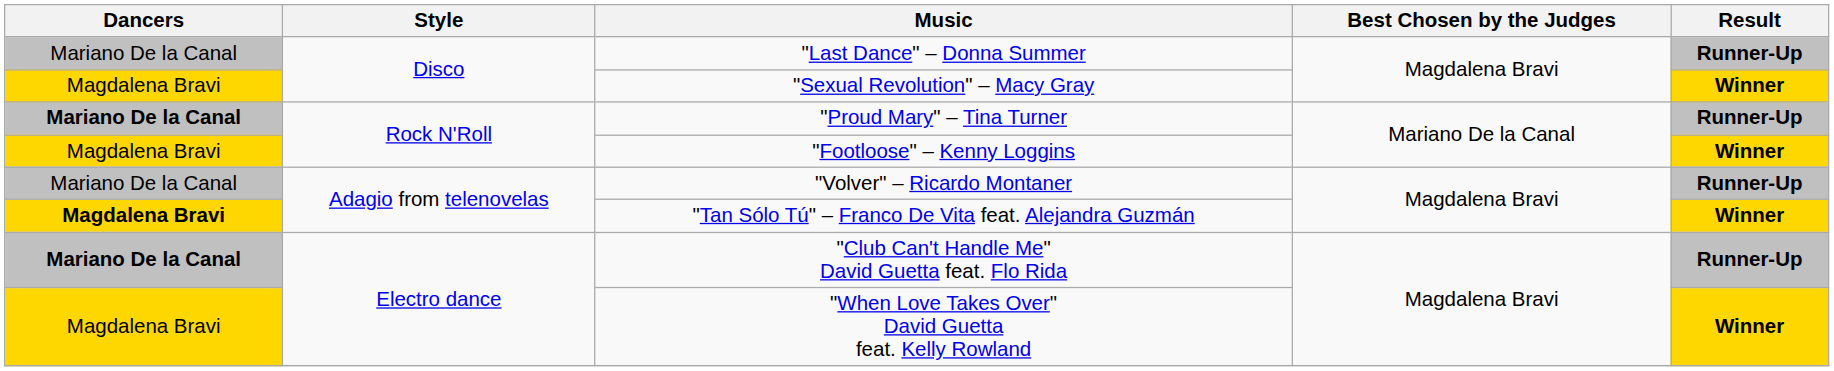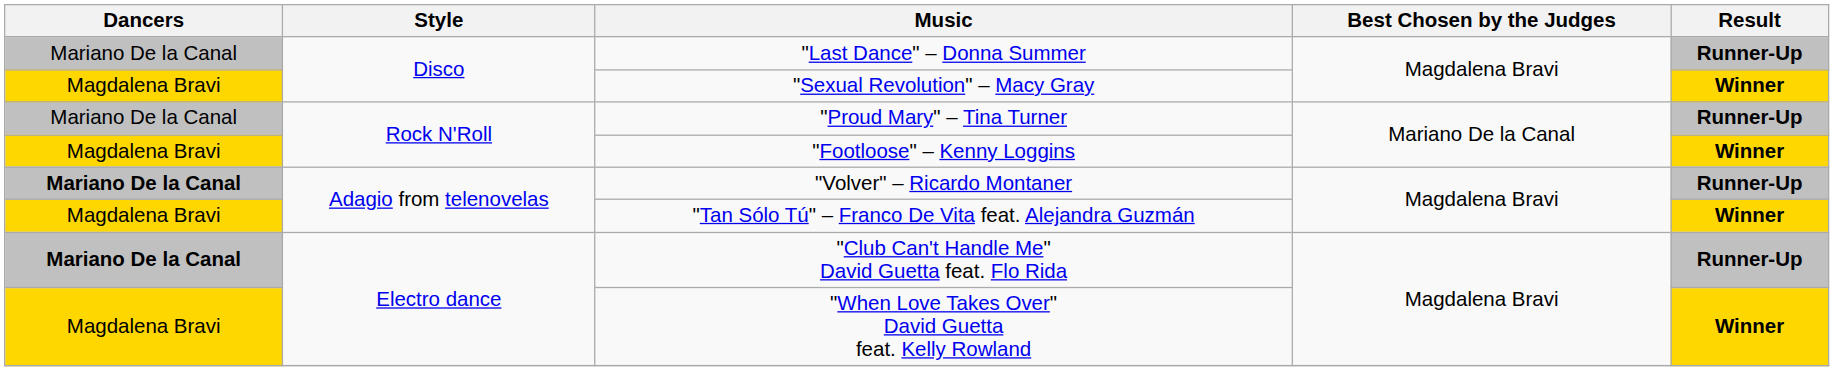 <table class="wikitable" width="90%" style="text-align:center;">
 <tr bgcolor="f2f2f2">
 <td><strong>Dancers</strong></td>
 <td><strong>Style</strong></td>
 <td><strong>Music</strong></td>
 <td><strong>Best Chosen by the Judges</strong></td>
 <td><strong>Result</strong></td>
 </tr>
 <tr>
 <td bgcolor=silver>Mariano De la Canal</td>
 <td rowspan=2><a href='#'>Disco</a></td>
 <td>"<a href='#'>Last Dance</a>" – <a href='#'>Donna Summer</a></td>
 <td rowspan=2>Magdalena Bravi</td>
 <td bgcolor=silver><strong>Runner-Up</strong></td>
 </tr>
 <tr>
 <td bgcolor=gold>Magdalena Bravi</td>
 <td>"<a href='#'>Sexual Revolution</a>" – <a href='#'>Macy Gray</a></td>
 <td bgcolor=gold><strong>Winner</strong></td>
 </tr>
 <tr>
-<td bgcolor=silver><strong>Mariano De la Canal</strong></td>
+<td bgcolor=silver>Mariano De la Canal</td>
 <td rowspan=2><a href='#'>Rock N'Roll</a></td>
 <td>"<a href='#'>Proud Mary</a>" – <a href='#'>Tina Turner</a></td>
 <td rowspan=2>Mariano De la Canal</td>
 <td bgcolor=silver><strong>Runner-Up</strong></td>
 </tr>
 <tr>
 <td bgcolor=gold>Magdalena Bravi</td>
 <td>"<a href='#'>Footloose</a>" – <a href='#'>Kenny Loggins</a></td>
 <td bgcolor=gold><strong>Winner</strong></td>
 </tr>
 <tr>
-<td bgcolor=silver>Mariano De la Canal</td>
+<td bgcolor=silver><strong>Mariano De la Canal</strong></td>
 <td rowspan=2><a href='#'>Adagio</a> from <a href='#'>telenovelas</a></td>
 <td>"Volver" – <a href='#'>Ricardo Montaner</a></td>
 <td rowspan=2>Magdalena Bravi</td>
 <td bgcolor=silver><strong>Runner-Up</strong></td>
 </tr>
 <tr>
-<td bgcolor=gold><strong>Magdalena Bravi</strong></td>
+<td bgcolor=gold>Magdalena Bravi</td>
 <td>"<a href='#'>Tan Sólo Tú</a>" – <a href='#'>Franco De Vita</a> feat. <a href='#'>Alejandra Guzmán</a></td>
 <td bgcolor=gold><strong>Winner</strong></td>
 </tr>
 <tr>
 <td bgcolor=silver><strong>Mariano De la Canal</strong></td>
 <td rowspan=2><a href='#'>Electro dance</a></td>
 <td>"<a href='#'>Club Can't Handle Me</a>" <br><a href='#'>David Guetta</a> feat. <a href='#'>Flo Rida</a></td>
 <td rowspan=2>Magdalena Bravi</td>
 <td bgcolor=silver><strong>Runner-Up</strong></td>
 </tr>
 <tr>
 <td bgcolor=gold>Magdalena Bravi</td>
 <td>"<a href='#'>When Love Takes Over</a>"<br><a href='#'>David Guetta</a><br> feat. <a href='#'>Kelly Rowland</a></td>
 <td bgcolor=gold><strong>Winner</strong></td>
 </tr>
 <tr>
 </tr>
 </table>
